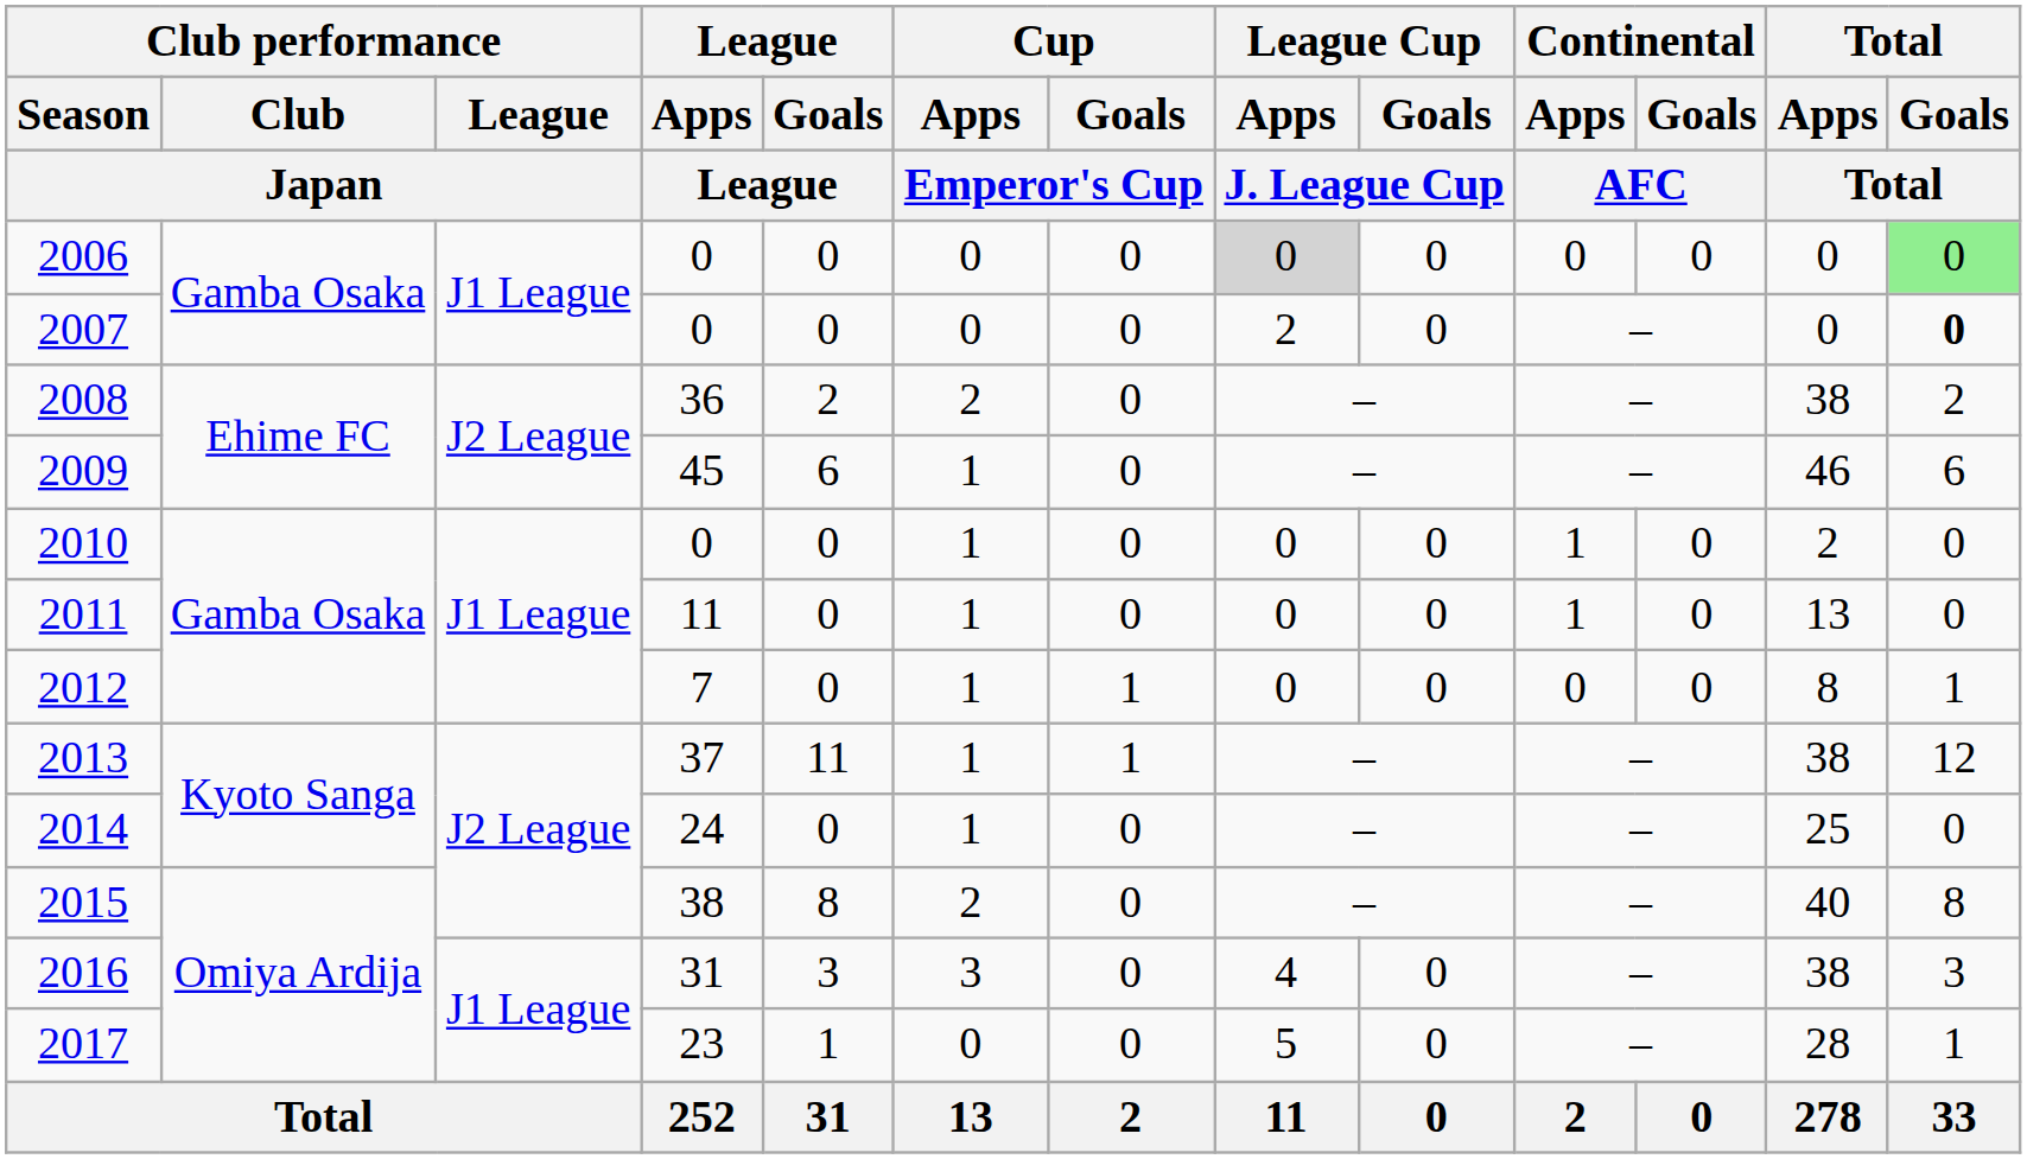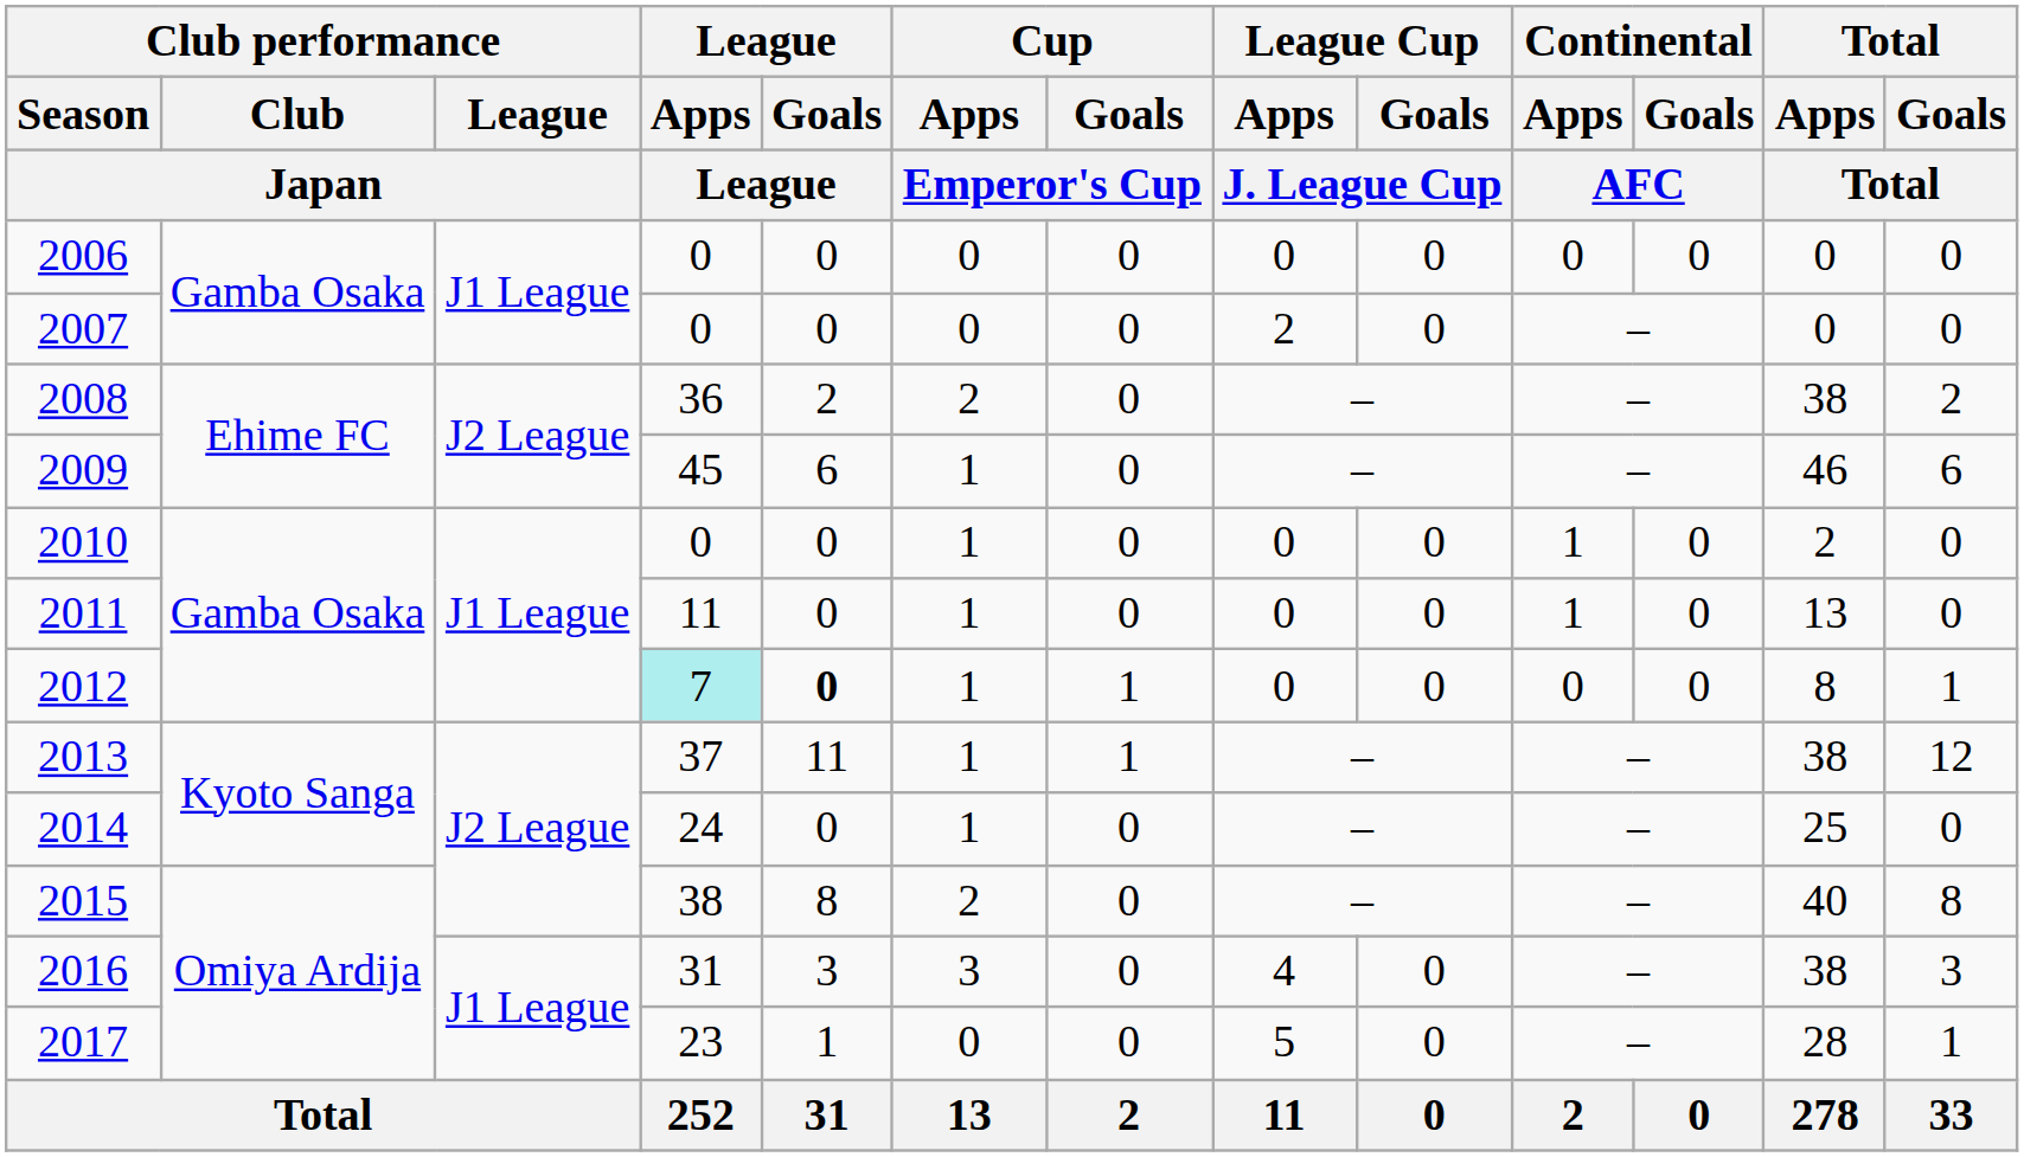 <table class="wikitable" style="text-align:center;">
 <tr>
 <th colspan=3>Club performance</th>
 <th colspan=2>League</th>
 <th colspan=2>Cup</th>
 <th colspan=2>League Cup</th>
 <th colspan=2>Continental</th>
 <th colspan=2>Total</th>
 </tr>
 <tr>
 <th>Season</th>
 <th>Club</th>
 <th>League</th>
 <th>Apps</th>
 <th>Goals</th>
 <th>Apps</th>
 <th>Goals</th>
 <th>Apps</th>
 <th>Goals</th>
 <th>Apps</th>
 <th>Goals</th>
 <th>Apps</th>
 <th>Goals</th>
 </tr>
 <tr>
 <th colspan=3>Japan</th>
 <th colspan=2>League</th>
 <th colspan=2><a href='#'>Emperor's Cup</a></th>
 <th colspan=2><a href='#'>J. League Cup</a></th>
 <th colspan=2><a href='#'>AFC</a></th>
 <th colspan=2>Total</th>
 </tr>
 <tr>
 <td><a href='#'>2006</a></td>
 <td rowspan="2"><a href='#'>Gamba Osaka</a></td>
 <td rowspan="2"><a href='#'>J1 League</a></td>
 <td>0</td>
 <td>0</td>
 <td>0</td>
 <td>0</td>
-<td style="background: lightgrey;">0</td>
 <td>0</td>
 <td>0</td>
 <td>0</td>
 <td>0</td>
-<td style="background: lightgreen;">0</td>
+<td>0</td>
+<td>0</td>
 </tr>
 <tr>
 <td><a href='#'>2007</a></td>
 <td>0</td>
 <td>0</td>
 <td>0</td>
 <td>0</td>
 <td>2</td>
 <td>0</td>
 <td colspan="2">–</td>
 <td>0</td>
-<td><strong>0</strong></td>
+<td>0</td>
 </tr>
 <tr>
 <td><a href='#'>2008</a></td>
 <td rowspan="2"><a href='#'>Ehime FC</a></td>
 <td rowspan="2"><a href='#'>J2 League</a></td>
 <td>36</td>
 <td>2</td>
 <td>2</td>
 <td>0</td>
 <td colspan="2">–</td>
 <td colspan="2">–</td>
 <td>38</td>
 <td>2</td>
 </tr>
 <tr>
 <td><a href='#'>2009</a></td>
 <td>45</td>
 <td>6</td>
 <td>1</td>
 <td>0</td>
 <td colspan="2">–</td>
 <td colspan="2">–</td>
 <td>46</td>
 <td>6</td>
 </tr>
 <tr>
 <td><a href='#'>2010</a></td>
 <td rowspan="3"><a href='#'>Gamba Osaka</a></td>
 <td rowspan="3"><a href='#'>J1 League</a></td>
 <td>0</td>
 <td>0</td>
 <td>1</td>
 <td>0</td>
 <td>0</td>
 <td>0</td>
 <td>1</td>
 <td>0</td>
 <td>2</td>
 <td>0</td>
 </tr>
 <tr>
 <td><a href='#'>2011</a></td>
 <td>11</td>
 <td>0</td>
 <td>1</td>
 <td>0</td>
 <td>0</td>
 <td>0</td>
 <td>1</td>
 <td>0</td>
 <td>13</td>
 <td>0</td>
 </tr>
 <tr>
 <td><a href='#'>2012</a></td>
-<td>7</td>
-<td>0</td>
+<td style="background: paleturquoise;">7</td>
+<td><strong>0</strong></td>
 <td>1</td>
 <td>1</td>
 <td>0</td>
 <td>0</td>
 <td>0</td>
 <td>0</td>
 <td>8</td>
 <td>1</td>
 </tr>
 <tr>
 <td><a href='#'>2013</a></td>
 <td rowspan="2"><a href='#'>Kyoto Sanga</a></td>
 <td rowspan="3"><a href='#'>J2 League</a></td>
 <td>37</td>
 <td>11</td>
 <td>1</td>
 <td>1</td>
 <td colspan="2">–</td>
 <td colspan="2">–</td>
 <td>38</td>
 <td>12</td>
 </tr>
 <tr>
 <td><a href='#'>2014</a></td>
 <td>24</td>
 <td>0</td>
 <td>1</td>
 <td>0</td>
 <td colspan="2">–</td>
 <td colspan="2">–</td>
 <td>25</td>
 <td>0</td>
 </tr>
 <tr>
 <td><a href='#'>2015</a></td>
 <td rowspan="3"><a href='#'>Omiya Ardija</a></td>
 <td>38</td>
 <td>8</td>
 <td>2</td>
 <td>0</td>
 <td colspan="2">–</td>
 <td colspan="2">–</td>
 <td>40</td>
 <td>8</td>
 </tr>
 <tr>
 <td><a href='#'>2016</a></td>
 <td rowspan="2"><a href='#'>J1 League</a></td>
 <td>31</td>
 <td>3</td>
 <td>3</td>
 <td>0</td>
 <td>4</td>
 <td>0</td>
 <td colspan="2">–</td>
 <td>38</td>
 <td>3</td>
 </tr>
 <tr>
 <td><a href='#'>2017</a></td>
 <td>23</td>
 <td>1</td>
 <td>0</td>
 <td>0</td>
 <td>5</td>
 <td>0</td>
 <td colspan="2">–</td>
 <td>28</td>
 <td>1</td>
 </tr>
 <tr>
 <th colspan=3>Total</th>
 <th>252</th>
 <th>31</th>
 <th>13</th>
 <th>2</th>
 <th>11</th>
 <th>0</th>
 <th>2</th>
 <th>0</th>
 <th>278</th>
 <th>33</th>
 </tr>
 </table>
